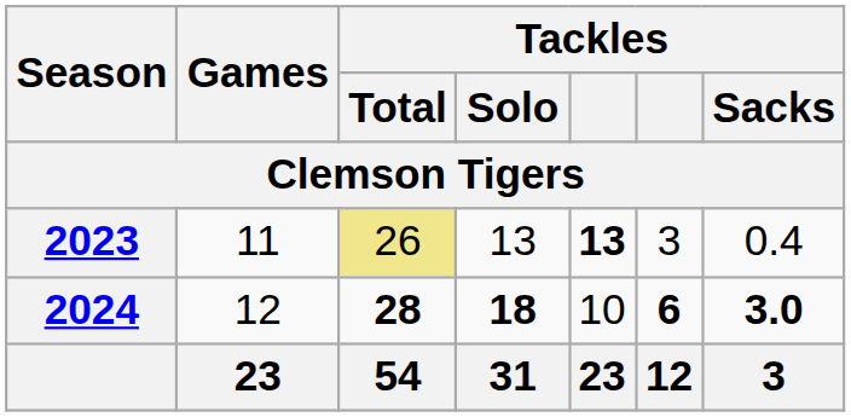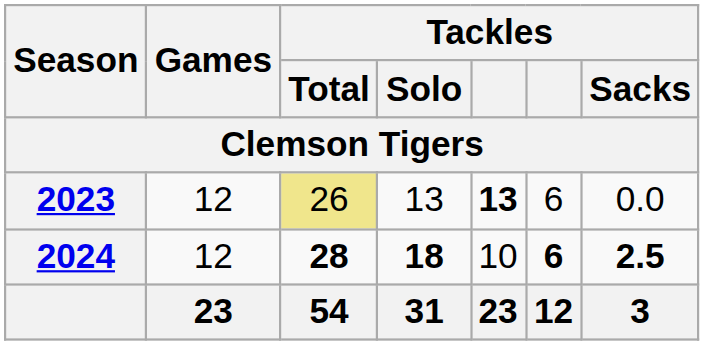 <table class=wikitable style="text-align:center;">
 <tr>
 <th rowspan=2>Season</th>
 <th colspan="1" rowspan="2">Games</th>
 <th colspan=5>Tackles</th>
 </tr>
 <tr>
 <th>Total</th>
 <th>Solo</th>
 <th></th>
 <th></th>
 <th>Sacks</th>
 </tr>
 <tr>
 <th colspan="7">Clemson Tigers</th>
 </tr>
 <tr>
 <th><a href='#'>2023</a></th>
-<td>11</td>
+<td>12</td>
 <td style="background: khaki;">26</td>
 <td>13</td>
 <td><strong>13</strong></td>
-<td>3</td>
-<td>0.4</td>
+<td>6</td>
+<td>0.0</td>
 </tr>
 <tr>
 <th><a href='#'>2024</a></th>
 <td>12</td>
 <td><strong>28</strong></td>
 <td><strong>18</strong></td>
 <td>10</td>
 <td><strong>6</strong></td>
-<td><strong>3.0</strong></td>
+<td><strong>2.5</strong></td>
 </tr>
 <tr>
 <th></th>
 <th>23</th>
 <th>54</th>
 <th>31</th>
 <th>23</th>
 <th>12</th>
 <th>3</th>
 </tr>
 </table>
